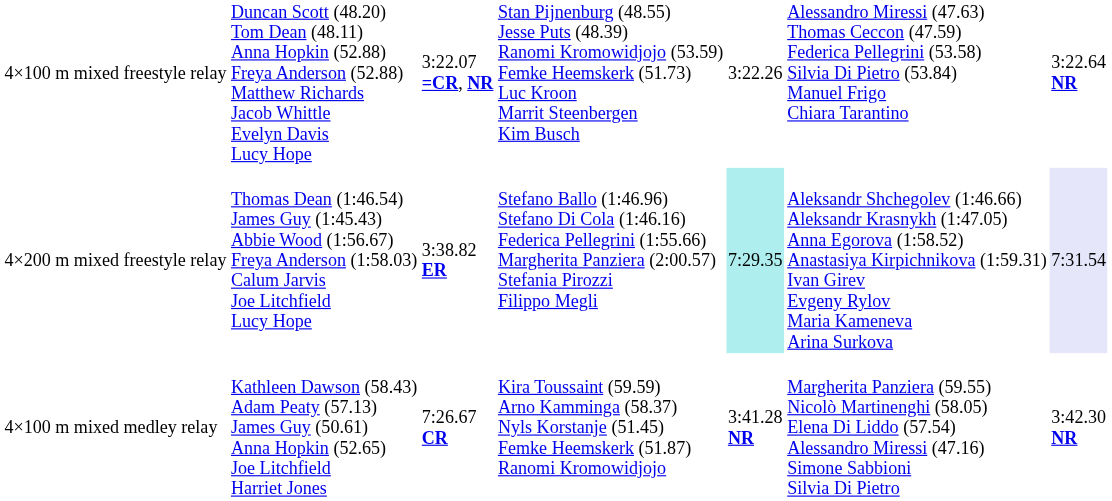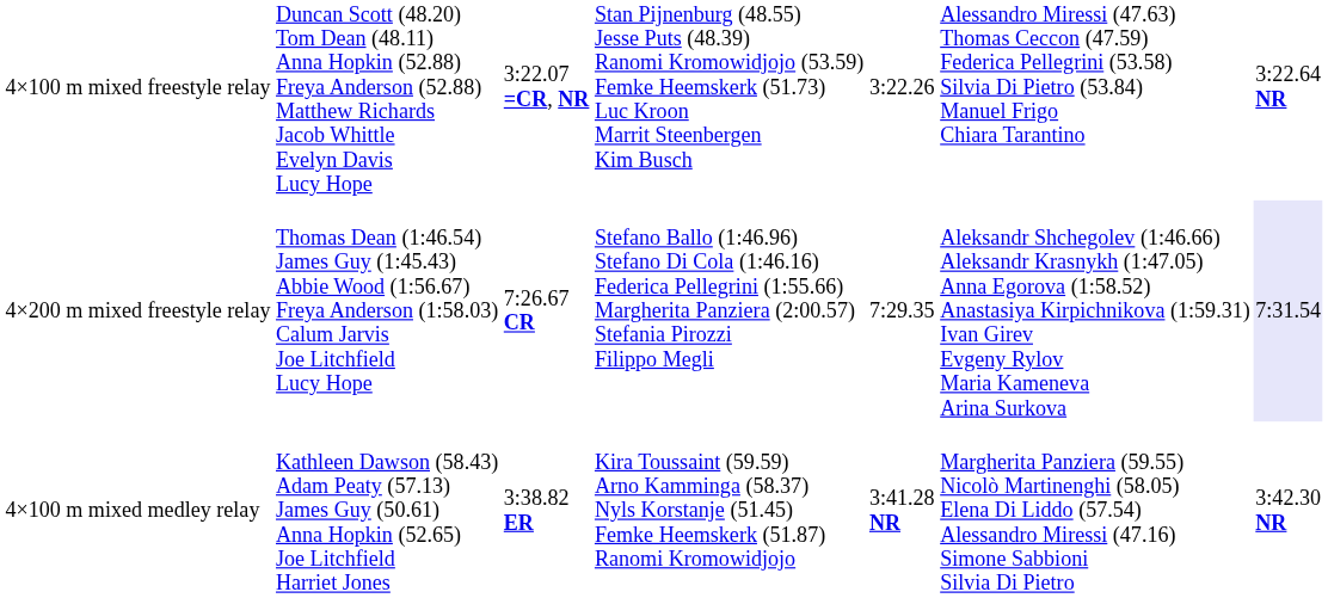 <table>
 <tr>
 <td>4×100 m mixed freestyle relay<br></td>
 <td valign=top><br><a href='#'>Duncan Scott</a> (48.20)<br><a href='#'>Tom Dean</a> (48.11)<br><a href='#'>Anna Hopkin</a> (52.88)<br><a href='#'>Freya Anderson</a> (52.88)<br><a href='#'>Matthew Richards</a><br><a href='#'>Jacob Whittle</a><br><a href='#'>Evelyn Davis</a><br><a href='#'>Lucy Hope</a></td>
 <td>3:22.07<br><strong><a href='#'>=CR</a></strong>, <strong><a href='#'>NR</a></strong></td>
 <td valign=top><br><a href='#'>Stan Pijnenburg</a> (48.55)<br><a href='#'>Jesse Puts</a> (48.39)<br><a href='#'>Ranomi Kromowidjojo</a> (53.59)<br><a href='#'>Femke Heemskerk</a> (51.73)<br><a href='#'>Luc Kroon</a><br><a href='#'>Marrit Steenbergen</a><br><a href='#'>Kim Busch</a></td>
 <td>3:22.26</td>
 <td valign=top><br><a href='#'>Alessandro Miressi</a> (47.63)<br><a href='#'>Thomas Ceccon</a> (47.59)<br><a href='#'>Federica Pellegrini</a> (53.58)<br><a href='#'>Silvia Di Pietro</a> (53.84)<br><a href='#'>Manuel Frigo</a><br><a href='#'>Chiara Tarantino</a></td>
 <td>3:22.64<br><strong><a href='#'>NR</a></strong></td>
 </tr>
 <tr>
 <td>4×200 m mixed freestyle relay<br></td>
 <td valign=top><br><a href='#'>Thomas Dean</a> (1:46.54)<br><a href='#'>James Guy</a> (1:45.43)<br><a href='#'>Abbie Wood</a> (1:56.67)<br><a href='#'>Freya Anderson</a> (1:58.03)<br><a href='#'>Calum Jarvis</a><br><a href='#'>Joe Litchfield</a><br><a href='#'>Lucy Hope</a></td>
-<td>3:38.82<br><strong><a href='#'>ER</a></strong></td>
+<td>7:26.67<br><strong><a href='#'>CR</a></strong></td>
 <td valign=top><br><a href='#'>Stefano Ballo</a> (1:46.96)<br><a href='#'>Stefano Di Cola</a> (1:46.16)<br><a href='#'>Federica Pellegrini</a> (1:55.66)<br><a href='#'>Margherita Panziera</a> (2:00.57)<br><a href='#'>Stefania Pirozzi</a><br><a href='#'>Filippo Megli</a><br></td>
-<td style="background: paleturquoise;">7:29.35</td>
+<td>7:29.35</td>
 <td valign=top><br><a href='#'>Aleksandr Shchegolev</a> (1:46.66)<br><a href='#'>Aleksandr Krasnykh</a> (1:47.05)<br><a href='#'>Anna Egorova</a> (1:58.52)<br><a href='#'>Anastasiya Kirpichnikova</a> (1:59.31)<br><a href='#'>Ivan Girev</a><br><a href='#'>Evgeny Rylov</a><br><a href='#'>Maria Kameneva</a><br><a href='#'>Arina Surkova</a></td>
 <td style="background: lavender;">7:31.54</td>
 </tr>
 <tr>
 <td>4×100 m mixed medley relay<br></td>
 <td valign=top><br><a href='#'>Kathleen Dawson</a> (58.43)<br><a href='#'>Adam Peaty</a> (57.13)<br><a href='#'>James Guy</a> (50.61)<br><a href='#'>Anna Hopkin</a> (52.65)<br><a href='#'>Joe Litchfield</a><br><a href='#'>Harriet Jones</a></td>
-<td>7:26.67<br><strong><a href='#'>CR</a></strong></td>
+<td>3:38.82<br><strong><a href='#'>ER</a></strong></td>
 <td valign=top><br><a href='#'>Kira Toussaint</a> (59.59)<br><a href='#'>Arno Kamminga</a> (58.37)<br><a href='#'>Nyls Korstanje</a> (51.45)<br><a href='#'>Femke Heemskerk</a> (51.87)<br><a href='#'>Ranomi Kromowidjojo</a><br></td>
 <td>3:41.28<br><strong><a href='#'>NR</a></strong></td>
 <td valign=top><br><a href='#'>Margherita Panziera</a> (59.55)<br><a href='#'>Nicolò Martinenghi</a> (58.05)<br> <a href='#'>Elena Di Liddo</a> (57.54)<br><a href='#'>Alessandro Miressi</a> (47.16)<br><a href='#'>Simone Sabbioni</a><br><a href='#'>Silvia Di Pietro</a></td>
 <td>3:42.30<br><strong><a href='#'>NR</a></strong></td>
 </tr>
 </table>
